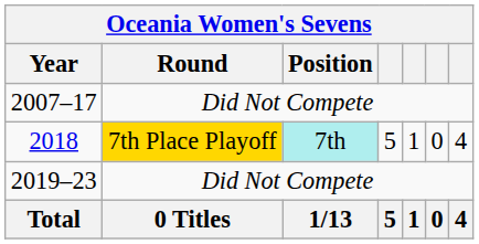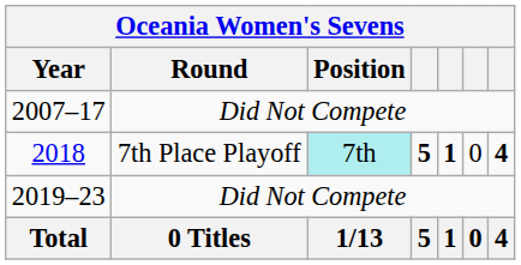 <table class="wikitable" style="text-align: center;">
 <tr>
 <th colspan="7"><a href='#'>Oceania Women's Sevens</a></th>
 </tr>
 <tr>
 <th>Year</th>
 <th>Round</th>
 <th>Position</th>
 <th></th>
 <th></th>
 <th></th>
 <th></th>
 </tr>
 <tr>
 <td>2007–17</td>
 <td colspan="6"><em>Did Not Compete</em></td>
 </tr>
 <tr>
 <td> <a href='#'>2018</a></td>
-<td style="background: gold;">7th Place Playoff</td>
+<td>7th Place Playoff</td>
 <td style="background: paleturquoise;">7th</td>
-<td>5</td>
-<td>1</td>
+<td><strong>5</strong></td>
+<td><strong>1</strong></td>
 <td>0</td>
-<td>4</td>
+<td><strong>4</strong></td>
 </tr>
 <tr>
 <td>2019–23</td>
 <td colspan="6"><em>Did Not Compete</em></td>
 </tr>
 <tr>
 <th>Total</th>
 <th>0 Titles</th>
 <th>1/13</th>
 <th>5</th>
 <th>1</th>
 <th>0</th>
 <th>4</th>
 </tr>
 </table>
